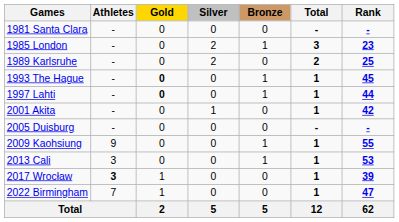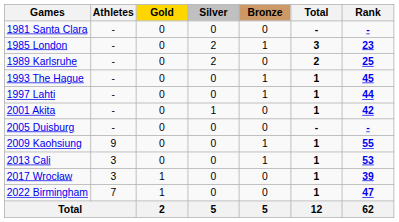 <table class="wikitable" style="text-align:center; font-size:90%;">
 <tr>
 <th>Games</th>
 <th>Athletes</th>
 <td style="background:gold; width:4.5em; font-weight:bold;">Gold</td>
 <td style="background:silver; width:4.5em; font-weight:bold;">Silver</td>
 <td style="background:#cc9966; width:4.5em; font-weight:bold;">Bronze</td>
 <th style="width:4.5em; font-weight:bold;">Total</th>
 <th style="width:4.5em; font-weight:bold;">Rank</th>
 </tr>
 <tr>
 <td align=left> <a href='#'>1981 Santa Clara</a></td>
 <td>-</td>
 <td>0</td>
 <td>0</td>
 <td>0</td>
 <td><strong>-</strong></td>
 <td><a href='#'><strong>-</strong></a></td>
 </tr>
 <tr>
 <td align=left> <a href='#'>1985 London</a></td>
 <td>-</td>
 <td>0</td>
 <td>2</td>
 <td>1</td>
 <td><strong>3</strong></td>
 <td><a href='#'><strong>23</strong></a></td>
 </tr>
 <tr>
 <td align=left> <a href='#'>1989 Karlsruhe</a></td>
 <td>-</td>
 <td>0</td>
 <td>2</td>
 <td>0</td>
 <td><strong>2</strong></td>
 <td><a href='#'><strong>25</strong></a></td>
 </tr>
 <tr>
 <td align=left> <a href='#'>1993 The Hague</a></td>
 <td>-</td>
-<td><strong>0</strong></td>
+<td>0</td>
 <td>0</td>
 <td>1</td>
 <td><strong>1</strong></td>
 <td><a href='#'><strong>45</strong></a></td>
 </tr>
 <tr>
 <td align=left> <a href='#'>1997 Lahti</a></td>
 <td>-</td>
-<td><strong>0</strong></td>
+<td>0</td>
 <td>0</td>
 <td>1</td>
 <td><strong>1</strong></td>
 <td><a href='#'><strong>44</strong></a></td>
 </tr>
 <tr>
 <td align=left> <a href='#'>2001 Akita</a></td>
 <td>-</td>
 <td>0</td>
 <td>1</td>
 <td>0</td>
 <td><strong>1</strong></td>
 <td><a href='#'><strong>42</strong></a></td>
 </tr>
 <tr>
 <td align=left> <a href='#'>2005 Duisburg</a></td>
 <td>-</td>
 <td>0</td>
 <td>0</td>
 <td>0</td>
 <td><strong>-</strong></td>
 <td><a href='#'><strong>-</strong></a></td>
 </tr>
 <tr>
 <td align=left> <a href='#'>2009 Kaohsiung</a></td>
 <td>9</td>
 <td>0</td>
 <td>0</td>
 <td>1</td>
 <td><strong>1</strong></td>
 <td><a href='#'><strong>55</strong></a></td>
 </tr>
 <tr>
 <td align=left> <a href='#'>2013 Cali</a></td>
 <td>3</td>
 <td>0</td>
 <td>0</td>
 <td>1</td>
 <td><strong>1</strong></td>
 <td><a href='#'><strong>53</strong></a></td>
 </tr>
 <tr>
 <td align=left> <a href='#'>2017 Wrocław</a></td>
-<td><strong>3</strong></td>
+<td>3</td>
 <td>1</td>
 <td>0</td>
 <td>0</td>
 <td><strong>1</strong></td>
 <td><a href='#'><strong>39</strong></a></td>
 </tr>
 <tr>
 <td align=left> <a href='#'>2022 Birmingham</a></td>
 <td>7</td>
 <td>1</td>
 <td>0</td>
 <td>0</td>
 <td><strong>1</strong></td>
 <td><a href='#'><strong>47</strong></a></td>
 </tr>
 <tr>
 <th colspan=2>Total</th>
 <th><strong>2</strong></th>
 <th><strong>5</strong></th>
 <th><strong>5</strong></th>
 <th><strong>12</strong></th>
 <th><strong> 62</strong></th>
 </tr>
 </table>
